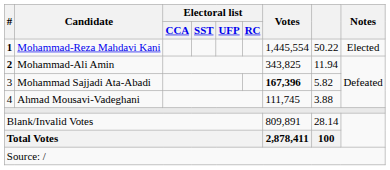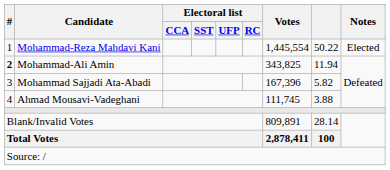 <table class=wikitable style=text-align:left>
 <tr>
 <th rowspan="2">#</th>
 <th rowspan="2">Candidate</th>
 <th colspan="4">Electoral list</th>
 <th rowspan="2">Votes</th>
 <th rowspan="2"></th>
 <th rowspan="2">Notes</th>
 </tr>
 <tr>
 <th><a href='#'>CCA</a></th>
 <th><a href='#'>SST</a></th>
 <th><a href='#'>UFP</a></th>
 <th><a href='#'>RC</a></th>
 </tr>
 <tr>
-<td><strong>1</strong></td>
+<td>1</td>
 <td><a href='#'>Mohammad-Reza Mahdavi Kani</a></td>
 <td style="text-align:center;"></td>
 <td style="text-align:center;"></td>
 <td style="text-align:center;"></td>
 <td></td>
 <td>1,445,554</td>
 <td>50.22</td>
 <td style="text-align:center;">Elected</td>
 </tr>
 <tr>
 <td><strong>2</strong></td>
 <td>Mohammad-Ali Amin</td>
 <td colspan=4></td>
 <td>343,825</td>
 <td>11.94</td>
 <td style="text-align:center;" rowspan="3">Defeated</td>
 </tr>
 <tr>
 <td>3</td>
 <td>Mohammad Sajjadi Ata-Abadi</td>
 <td colspan=3></td>
 <td style="text-align:center;"></td>
-<td><strong>167,396</strong></td>
+<td>167,396</td>
 <td>5.82</td>
 </tr>
 <tr>
 <td>4</td>
 <td>Ahmad Mousavi-Vadeghani</td>
 <td colspan=4></td>
 <td>111,745</td>
 <td>3.88</td>
 </tr>
 <tr>
 <td colspan="10" style="background:#E9E9E9;"></td>
 </tr>
 <tr>
 <td colspan="6">Blank/Invalid Votes</td>
 <td>809,891</td>
 <td>28.14</td>
 </tr>
 <tr>
 <th style="text-align:left;" colspan="6">Total Votes</th>
 <th>2,878,411</th>
 <th>100</th>
 </tr>
 <tr>
 <td colspan="9" style="text-align:left;">Source:  / </td>
 </tr>
 </table>
